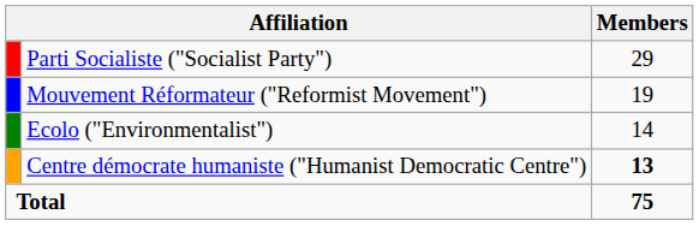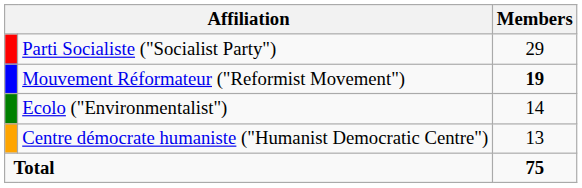 <table class="wikitable">
 <tr>
 <th colspan="2">Affiliation</th>
 <th>Members</th>
 </tr>
 <tr>
 <td bgcolor="red"> </td>
 <td><a href='#'>Parti Socialiste</a> ("Socialist Party")</td>
 <td align="center">29</td>
 </tr>
 <tr>
 <td bgcolor="blue"> </td>
 <td><a href='#'>Mouvement Réformateur</a> ("Reformist Movement")</td>
-<td align="center">19</td>
+<td align="center"><strong>19</strong></td>
 </tr>
 <tr>
 <td bgcolor="green"> </td>
 <td><a href='#'>Ecolo</a> ("Environmentalist")</td>
 <td align="center">14</td>
 </tr>
 <tr>
 <td bgcolor="orange"> </td>
 <td><a href='#'>Centre démocrate humaniste</a> ("Humanist Democratic Centre")</td>
-<td align="center"><strong>13</strong></td>
+<td align="center">13</td>
 </tr>
 <tr>
 <td colspan=2 rowspan="1"> <strong>Total</strong><br></td>
 <td align="center"><strong>75</strong></td>
 </tr>
 </table>
